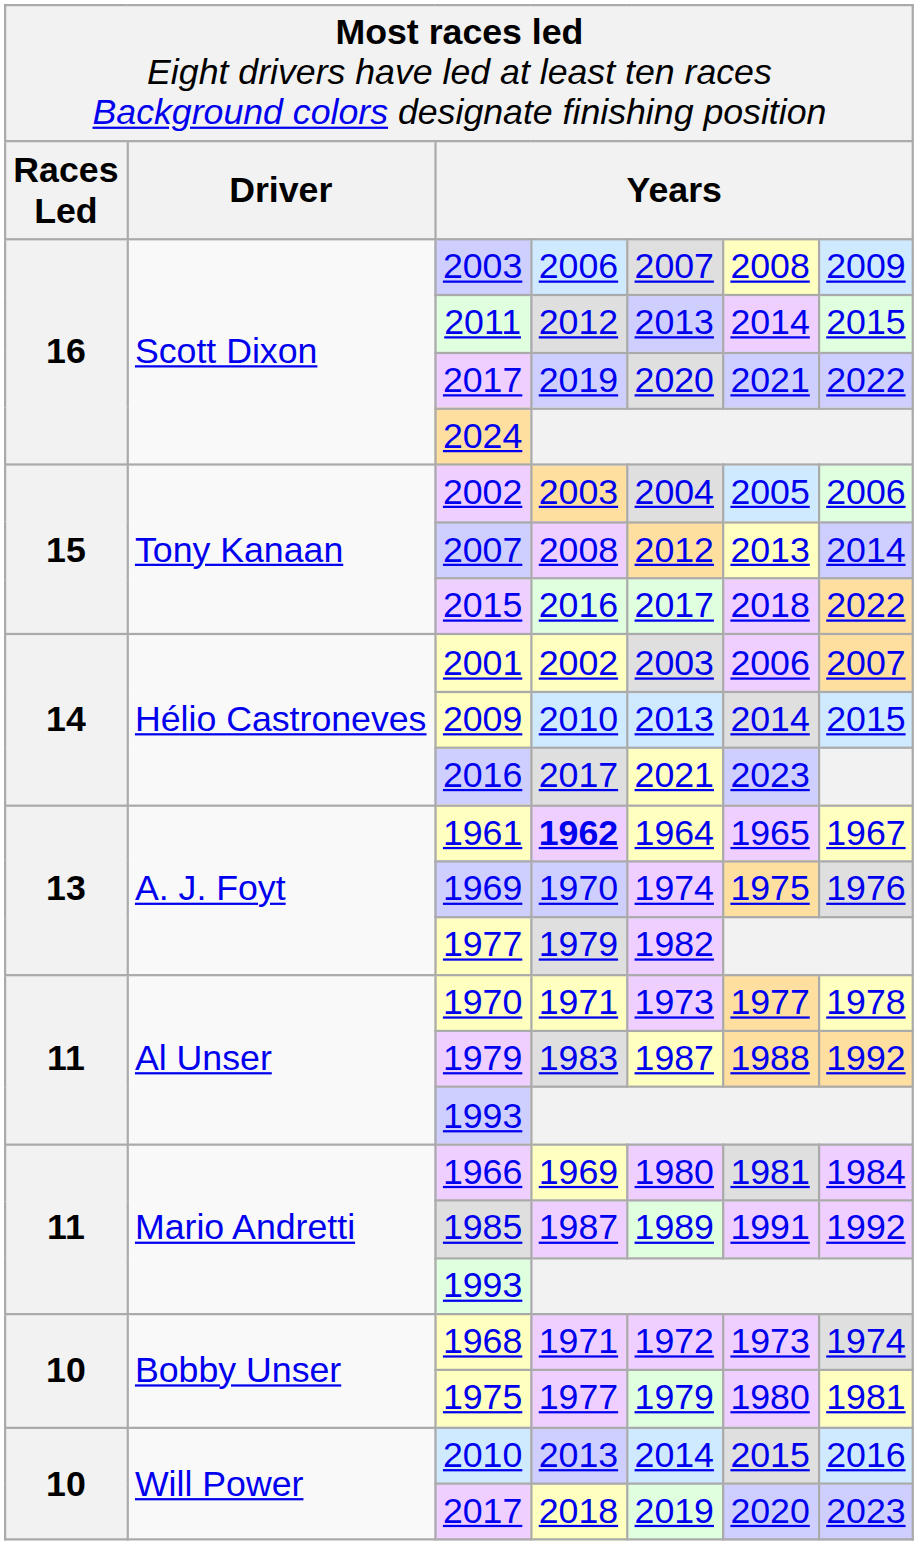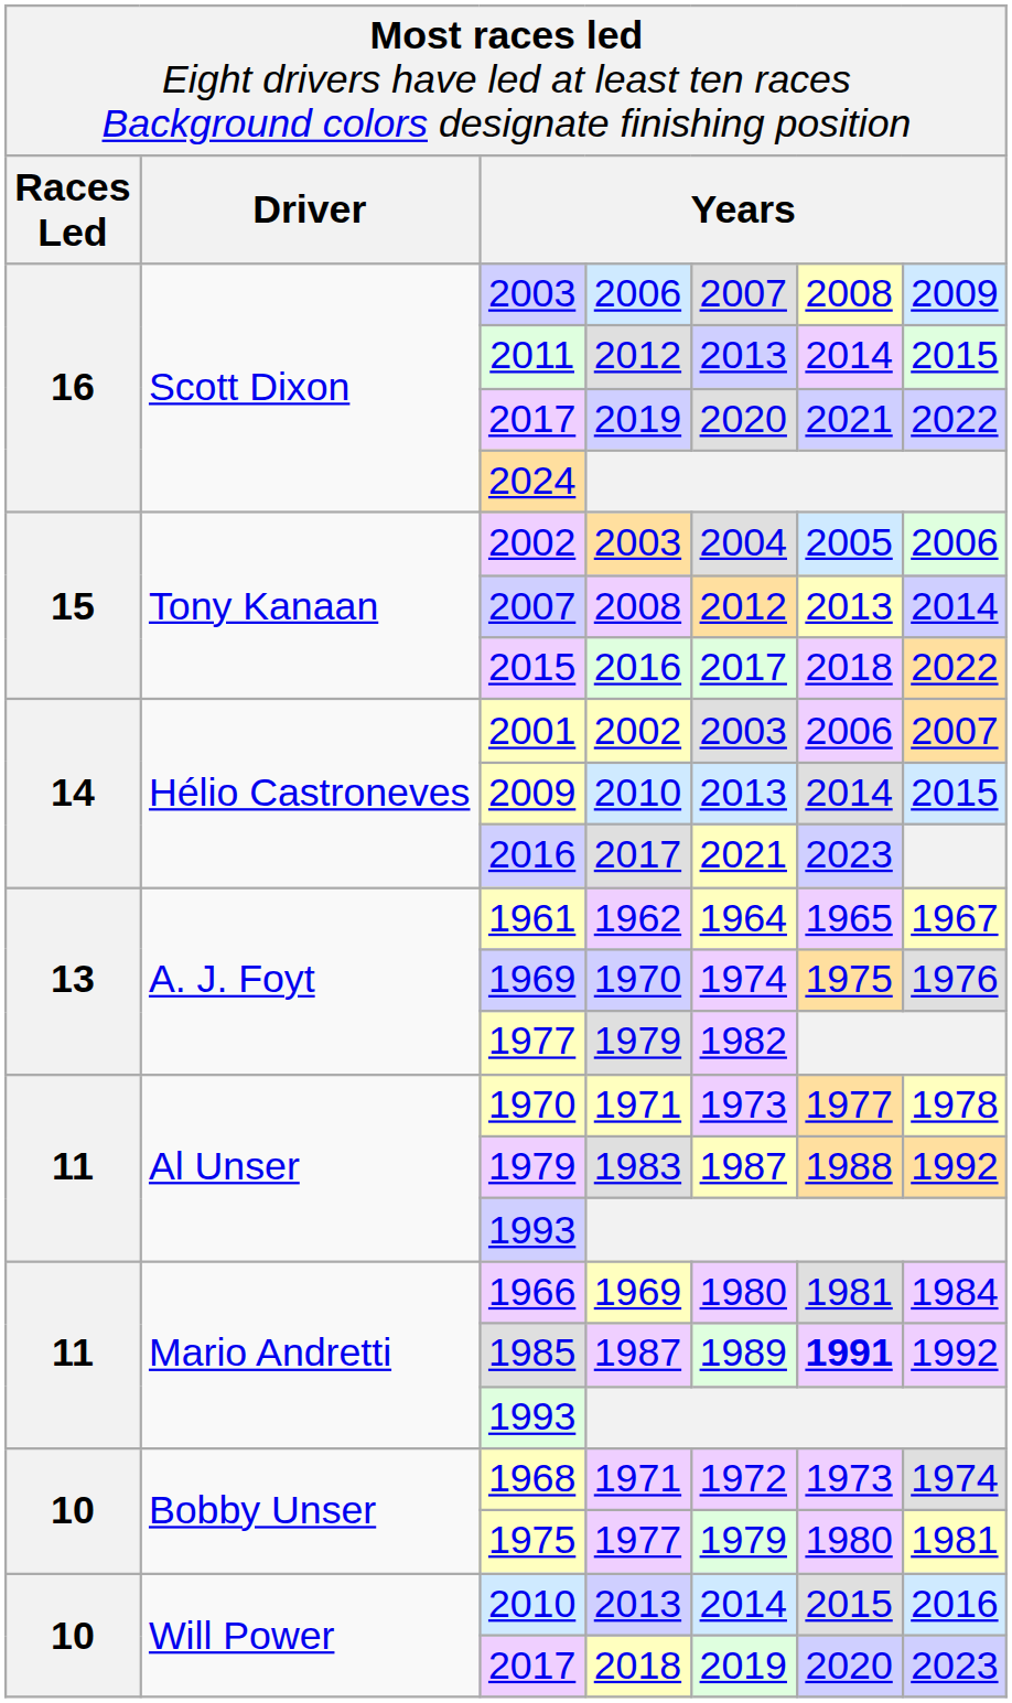 <table class="wikitable">
 <tr>
 <td style="background:#F2F2F2;" align="center" colspan="15"><strong>Most races led</strong><br><em>Eight drivers have led at least ten races<br><a href='#'>Background colors</a> designate finishing position</em></td>
 </tr>
 <tr>
 <td style="background:#F2F2F2;" align="center"><strong>Races<br>Led</strong></td>
 <td style="background:#F2F2F2;" align="center"><strong>Driver</strong></td>
 <td style="background:#F2F2F2;" align="center" colspan="5"><strong>Years</strong></td>
 </tr>
 <tr>
 <td style="background:#F2F2F2;" align="center" rowspan="4"><strong>16</strong></td>
 <td rowspan="4"> <a href='#'>Scott Dixon</a></td>
 <td style="background:#CFCFFF;" align="center"><a href='#'>2003</a></td>
 <td style="background:#CFEAFF;" align="center"><a href='#'>2006</a></td>
 <td style="background:#DFDFDF;" align="center"><a href='#'>2007</a></td>
 <td style="background:#FFFFBF;" align="center"><a href='#'>2008</a></td>
 <td style="background:#CFEAFF;" align="center"><a href='#'>2009</a></td>
 </tr>
 <tr>
 <td style="background:#DFFFDF;" align="center"><a href='#'>2011</a></td>
 <td style="background:#DFDFDF;" align="center"><a href='#'>2012</a></td>
 <td style="background:#CFCFFF;" align="center"><a href='#'>2013</a></td>
 <td style="background:#EFCFFF;" align="center"><a href='#'>2014</a></td>
 <td style="background:#DFFFDF;" align="center"><a href='#'>2015</a></td>
 </tr>
 <tr>
 <td style="background:#EFCFFF;" align="center"><a href='#'>2017</a></td>
 <td style="background:#CFCFFF;" align="center"><a href='#'>2019</a></td>
 <td style="background:#DFDFDF;" align="center"><a href='#'>2020</a></td>
 <td style="background:#CFCFFF;" align="center"><a href='#'>2021</a></td>
 <td style="background:#CFCFFF;" align="center"><a href='#'>2022</a></td>
 </tr>
 <tr>
 <td style="background:#FFDF9F;" align="center"><a href='#'>2024</a></td>
 <td style="background:#F2F2F2;" align="center" colspan="4"> </td>
 </tr>
 <tr>
 <td style="background:#F2F2F2;" align="center" rowspan="3"><strong>15</strong></td>
 <td rowspan="3"> <a href='#'>Tony Kanaan</a></td>
 <td style="background:#EFCFFF;" align="center"><a href='#'>2002</a></td>
 <td style="background:#FFDF9F;" align="center"><a href='#'>2003</a></td>
 <td style="background:#DFDFDF;" align="center"><a href='#'>2004</a></td>
 <td style="background:#CFEAFF;" align="center"><a href='#'>2005</a></td>
 <td style="background:#DFFFDF;" align="center"><a href='#'>2006</a></td>
 </tr>
 <tr>
 <td style="background:#CFCFFF;" align="center"><a href='#'>2007</a></td>
 <td style="background:#EFCFFF;" align="center"><a href='#'>2008</a></td>
 <td style="background:#FFDF9F;" align="center"><a href='#'>2012</a></td>
 <td style="background:#FFFFBF;" align="center"><a href='#'>2013</a></td>
 <td style="background:#CFCFFF;" align="center"><a href='#'>2014</a></td>
 </tr>
 <tr>
 <td style="background:#EFCFFF;" align="center"><a href='#'>2015</a></td>
 <td style="background:#DFFFDF;" align="center"><a href='#'>2016</a></td>
 <td style="background:#DFFFDF;" align="center"><a href='#'>2017</a></td>
 <td style="background:#EFCFFF;" align="center"><a href='#'>2018</a></td>
 <td style="background:#FFDF9F;" align="center"><a href='#'>2022</a></td>
 </tr>
 <tr>
 <td style="background:#F2F2F2;" align="center" rowspan="3"><strong>14</strong></td>
 <td rowspan="3"> <a href='#'>Hélio Castroneves</a></td>
 <td style="background:#FFFFBF;" align="center"><a href='#'>2001</a></td>
 <td style="background:#FFFFBF;" align="center"><a href='#'>2002</a></td>
 <td style="background:#DFDFDF;" align="center"><a href='#'>2003</a></td>
 <td style="background:#EFCFFF;" align="center"><a href='#'>2006</a></td>
 <td style="background:#FFDF9F;" align="center"><a href='#'>2007</a></td>
 </tr>
 <tr>
 <td style="background:#FFFFBF;" align="center"><a href='#'>2009</a></td>
 <td style="background:#CFEAFF;" align="center"><a href='#'>2010</a></td>
 <td style="background:#CFEAFF;" align="center"><a href='#'>2013</a></td>
 <td style="background:#DFDFDF;" align="center"><a href='#'>2014</a></td>
 <td style="background:#CFEAFF;" align="center"><a href='#'>2015</a></td>
 </tr>
 <tr>
 <td style="background:#CFCFFF;" align="center"><a href='#'>2016</a></td>
 <td style="background:#DFDFDF;" align="center"><a href='#'>2017</a></td>
 <td style="background:#FFFFBF;" align="center"><a href='#'>2021</a></td>
 <td style="background:#CFCFFF;" align="center"><a href='#'>2023</a></td>
 <td style="background:#F2F2F2;" align="center" colspan="4"> </td>
 </tr>
 <tr>
 <td style="background:#F2F2F2;" align="center" rowspan="3"><strong>13</strong></td>
 <td rowspan="3"> <a href='#'>A. J. Foyt</a></td>
 <td style="background:#FFFFBF;" align="center"><a href='#'>1961</a></td>
-<td style="background:#EFCFFF;" align="center"><strong><a href='#'>1962</a></strong></td>
+<td style="background:#EFCFFF;" align="center"><a href='#'>1962</a></td>
 <td style="background:#FFFFBF;" align="center"><a href='#'>1964</a></td>
 <td style="background:#EFCFFF;" align="center"><a href='#'>1965</a></td>
 <td style="background:#FFFFBF;" align="center"><a href='#'>1967</a></td>
 </tr>
 <tr>
 <td style="background:#CFCFFF;" align="center"><a href='#'>1969</a></td>
 <td style="background:#CFCFFF;" align="center"><a href='#'>1970</a></td>
 <td style="background:#EFCFFF;" align="center"><a href='#'>1974</a></td>
 <td style="background:#FFDF9F;" align="center"><a href='#'>1975</a></td>
 <td style="background:#DFDFDF;" align="center"><a href='#'>1976</a></td>
 </tr>
 <tr>
 <td style="background:#FFFFBF;" align="center"><a href='#'>1977</a></td>
 <td style="background:#DFDFDF;" align="center"><a href='#'>1979</a></td>
 <td style="background:#EFCFFF;" align="center"><a href='#'>1982</a></td>
 <td style="background:#F2F2F2;" align="center" colspan="2"> </td>
 </tr>
 <tr>
 <td style="background:#F2F2F2;" align="center" rowspan="3"><strong>11</strong></td>
 <td rowspan="3"> <a href='#'>Al Unser</a></td>
 <td style="background:#FFFFBF;" align="center"><a href='#'>1970</a></td>
 <td style="background:#FFFFBF;" align="center"><a href='#'>1971</a></td>
 <td style="background:#EFCFFF;" align="center"><a href='#'>1973</a></td>
 <td style="background:#FFDF9F;" align="center"><a href='#'>1977</a></td>
 <td style="background:#FFFFBF;" align="center"><a href='#'>1978</a></td>
 </tr>
 <tr>
 <td style="background:#EFCFFF;" align="center"><a href='#'>1979</a></td>
 <td style="background:#DFDFDF;" align="center"><a href='#'>1983</a></td>
 <td style="background:#FFFFBF;" align="center"><a href='#'>1987</a></td>
 <td style="background:#FFDF9F;" align="center"><a href='#'>1988</a></td>
 <td style="background:#FFDF9F;" align="center"><a href='#'>1992</a></td>
 </tr>
 <tr>
 <td style="background:#CFCFFF;" align="center"><a href='#'>1993</a></td>
 <td style="background:#F2F2F2;" align="center" colspan="4"> </td>
 </tr>
 <tr>
 <td style="background:#F2F2F2;" align="center" rowspan="3"><strong>11</strong></td>
 <td rowspan="3"> <a href='#'>Mario Andretti</a></td>
 <td style="background:#EFCFFF;" align="center"><a href='#'>1966</a></td>
 <td style="background:#FFFFBF;" align="center"><a href='#'>1969</a></td>
 <td style="background:#EFCFFF;" align="center"><a href='#'>1980</a></td>
 <td style="background:#DFDFDF;" align="center"><a href='#'>1981</a></td>
 <td style="background:#EFCFFF;" align="center"><a href='#'>1984</a></td>
 </tr>
 <tr>
 <td style="background:#DFDFDF;" align="center"><a href='#'>1985</a></td>
 <td style="background:#EFCFFF;" align="center"><a href='#'>1987</a></td>
 <td style="background:#DFFFDF;" align="center"><a href='#'>1989</a></td>
-<td style="background:#EFCFFF;" align="center"><a href='#'>1991</a></td>
+<td style="background:#EFCFFF;" align="center"><strong><a href='#'>1991</a></strong></td>
 <td style="background:#EFCFFF;" align="center"><a href='#'>1992</a></td>
 </tr>
 <tr>
 <td style="background:#DFFFDF;" align="center"><a href='#'>1993</a></td>
 <td style="background:#F2F2F2;" align="center" colspan="4"> </td>
 </tr>
 <tr>
 <td style="background:#F2F2F2;" align="center" rowspan="2"><strong>10</strong></td>
 <td rowspan="2"> <a href='#'>Bobby Unser</a></td>
 <td style="background:#FFFFBF;" align="center"><a href='#'>1968</a></td>
 <td style="background:#EFCFFF;" align="center"><a href='#'>1971</a></td>
 <td style="background:#EFCFFF;" align="center"><a href='#'>1972</a></td>
 <td style="background:#EFCFFF;" align="center"><a href='#'>1973</a></td>
 <td style="background:#DFDFDF;" align="center"><a href='#'>1974</a></td>
 </tr>
 <tr>
 <td style="background:#FFFFBF;" align="center"><a href='#'>1975</a></td>
 <td style="background:#EFCFFF;" align="center"><a href='#'>1977</a></td>
 <td style="background:#DFFFDF;" align="center"><a href='#'>1979</a></td>
 <td style="background:#EFCFFF;" align="center"><a href='#'>1980</a></td>
 <td style="background:#FFFFBF;" align="center"><a href='#'>1981</a></td>
 </tr>
 <tr>
 <td style="background:#F2F2F2;" align="center" rowspan="2"><strong>10</strong></td>
 <td rowspan=2> <a href='#'>Will Power</a></td>
 <td style="background:#cfeaff; text-align: center;"><a href='#'>2010</a></td>
 <td style="background:#cfcfff; text-align: center;"><a href='#'>2013</a></td>
 <td style="background:#cfeaff; text-align: center;"><a href='#'>2014</a></td>
 <td style="background:#DFDFDF; text-align: center;"><a href='#'>2015</a></td>
 <td style="background:#cfeaff; text-align: center;"><a href='#'>2016</a></td>
 </tr>
 <tr>
 <td style="background:#EFCFFF; text-align: center;"><a href='#'>2017</a></td>
 <td style="background:#FFFFBF; text-align: center;"><a href='#'>2018</a></td>
 <td style="background:#DFFFDF; text-align: center;"><a href='#'>2019</a></td>
 <td style="background:#cfcfff; text-align: center;"><a href='#'>2020</a></td>
 <td style="background:#cfcfff; text-align: center;"><a href='#'>2023</a></td>
 </tr>
 </table>
